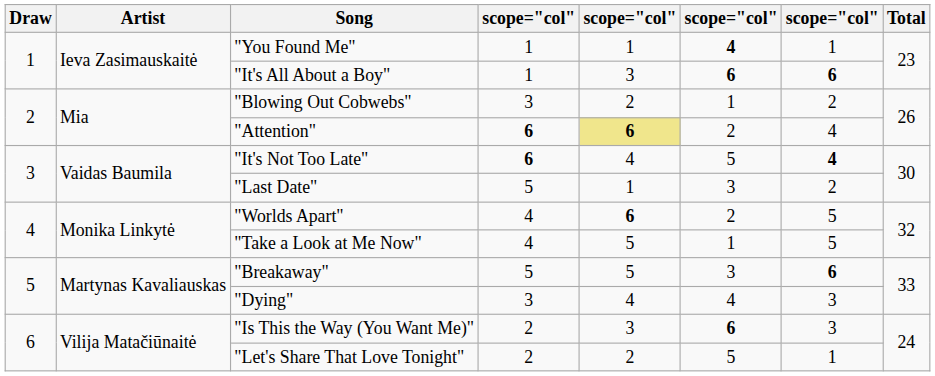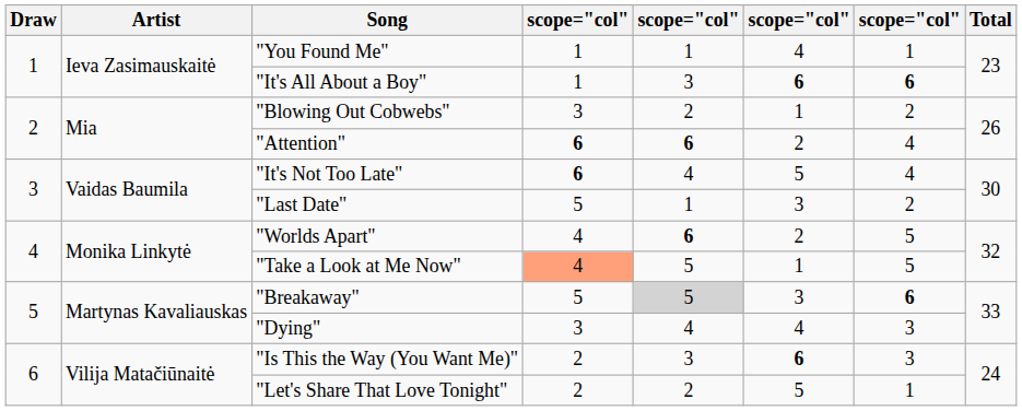 <table class="wikitable collapsible" style="margin: 1em auto 1em auto; text-align:center;">
 <tr>
 <th>Draw</th>
 <th>Artist</th>
 <th>Song</th>
 <th>scope="col" </th>
 <th>scope="col" </th>
 <th>scope="col" </th>
 <th>scope="col" </th>
 <th>Total</th>
 </tr>
 <tr>
 <td rowspan="2">1</td>
 <td rowspan="2" align="left">Ieva Zasimauskaitė</td>
 <td align="left">"You Found Me"</td>
 <td>1</td>
 <td>1</td>
-<td><strong>4</strong></td>
+<td>4</td>
 <td>1</td>
 <td rowspan="2">23</td>
 </tr>
 <tr>
 <td align="left">"It's All About a Boy"</td>
 <td>1</td>
 <td>3</td>
 <td><strong>6</strong></td>
 <td><strong>6</strong></td>
 </tr>
 <tr>
 <td rowspan="2">2</td>
 <td rowspan="2" align="left">Mia</td>
 <td align="left">"Blowing Out Cobwebs"</td>
 <td>3</td>
 <td>2</td>
 <td>1</td>
 <td>2</td>
 <td rowspan="2">26</td>
 </tr>
 <tr>
 <td align="left">"Attention"</td>
 <td><strong>6</strong></td>
-<td style="background: khaki;"><strong>6</strong></td>
+<td><strong>6</strong></td>
 <td>2</td>
 <td>4</td>
 </tr>
 <tr>
 <td rowspan="2">3</td>
 <td rowspan="2" align="left">Vaidas Baumila</td>
 <td align="left">"It's Not Too Late"</td>
 <td><strong>6</strong></td>
 <td>4</td>
 <td>5</td>
-<td><strong>4</strong></td>
+<td>4</td>
 <td rowspan="2">30</td>
 </tr>
 <tr>
 <td align="left">"Last Date"</td>
 <td>5</td>
 <td>1</td>
 <td>3</td>
 <td>2</td>
 </tr>
 <tr>
 <td rowspan="2">4</td>
 <td rowspan="2" align="left">Monika Linkytė</td>
 <td align="left">"Worlds Apart"</td>
 <td>4</td>
 <td><strong>6</strong></td>
 <td>2</td>
 <td>5</td>
 <td rowspan="2">32</td>
 </tr>
 <tr>
 <td align="left">"Take a Look at Me Now"</td>
-<td>4</td>
+<td style="background: lightsalmon;">4</td>
 <td>5</td>
 <td>1</td>
 <td>5</td>
 </tr>
 <tr>
 <td rowspan="2">5</td>
 <td rowspan="2" align="left">Martynas Kavaliauskas</td>
 <td align="left">"Breakaway"</td>
 <td>5</td>
-<td>5</td>
+<td style="background: lightgrey;">5</td>
 <td>3</td>
 <td><strong>6</strong></td>
 <td rowspan="2">33</td>
 </tr>
 <tr>
 <td align="left">"Dying"</td>
 <td>3</td>
 <td>4</td>
 <td>4</td>
 <td>3</td>
 </tr>
 <tr>
 <td rowspan="2">6</td>
 <td rowspan="2" align="left">Vilija Matačiūnaitė</td>
 <td align="left">"Is This the Way (You Want Me)"</td>
 <td>2</td>
 <td>3</td>
 <td><strong>6</strong></td>
 <td>3</td>
 <td rowspan="2">24</td>
 </tr>
 <tr>
 <td align="left">"Let's Share That Love Tonight"</td>
 <td>2</td>
 <td>2</td>
 <td>5</td>
 <td>1</td>
 </tr>
 </table>
